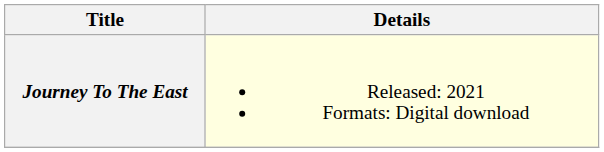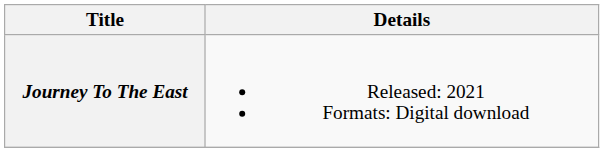 <table class="wikitable sortable plainrowheaders" style="text-align:center">
 <tr>
 <th scope="col" style="width:10em">Title</th>
 <th scope="col" style="width:20em">Details</th>
 </tr>
 <tr>
 <th scope="row"><em>Journey To The East</em></th>
-<td style="background: lightyellow;"><br><ul><li>Released: 2021</li><li>Formats: Digital download</li></ul></td>
+<td><br><ul><li>Released: 2021</li><li>Formats: Digital download</li></ul></td>
 </tr>
 <tr>
 </tr>
 </table>
